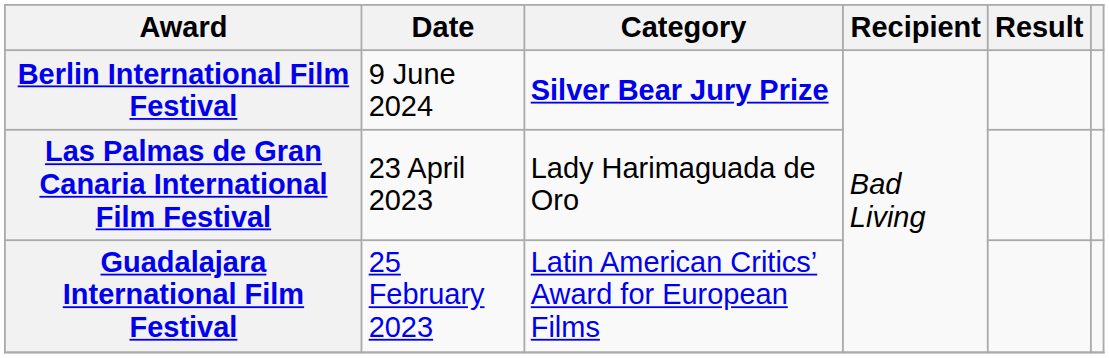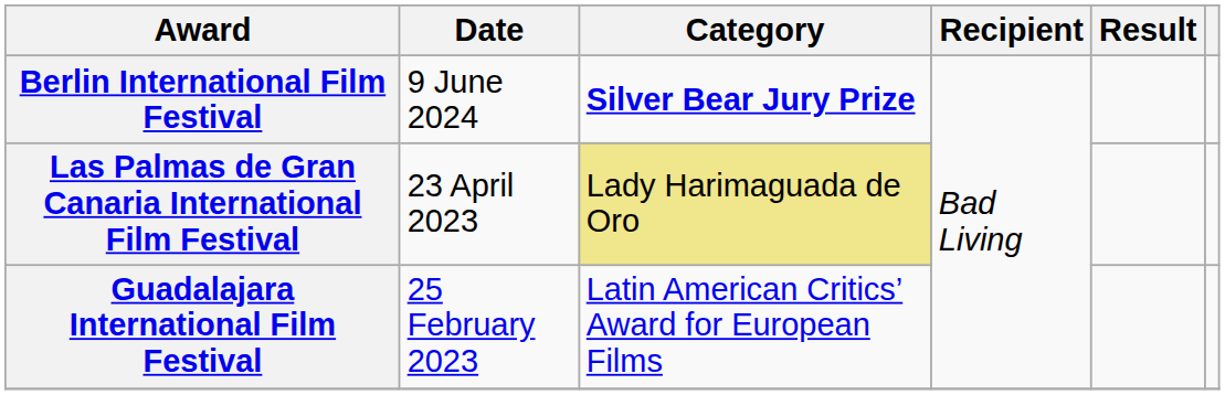 <table class="wikitable sortable plainrowheaders">
 <tr>
 <th>Award</th>
 <th>Date</th>
 <th>Category</th>
 <th>Recipient</th>
 <th>Result</th>
 <th></th>
 </tr>
 <tr>
 <th scope="row"><a href='#'>Berlin International Film Festival</a></th>
 <td>9 June 2024</td>
 <td><strong><a href='#'>Silver Bear Jury Prize</a></strong></td>
 <td rowspan=3><em>Bad Living</em></td>
 <td></td>
 <td align="center" rowspan="1"></td>
 </tr>
 <tr>
 <th scope="row"><a href='#'>Las Palmas de Gran Canaria International Film Festival</a></th>
 <td>23 April 2023</td>
-<td>Lady Harimaguada de Oro</td>
+<td style="background: khaki;">Lady Harimaguada de Oro</td>
 <td></td>
 <td align="center" rowspan="1"></td>
 </tr>
 <tr>
 <th scope="row"><a href='#'>Guadalajara International Film Festival</a></th>
 <td><a href='#'>25 February 2023</a></td>
 <td><a href='#'>Latin American Critics’ Award for European Films</a></td>
 <td></td>
 <td align="center" rowspan="1"></td>
 </tr>
 <tr>
 </tr>
 </table>
